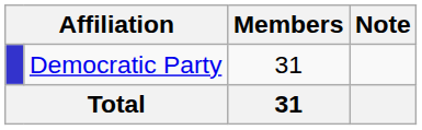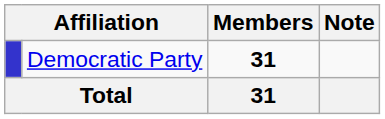 <table class="wikitable">
 <tr>
 <th colspan="2" align="center" valign="bottom">Affiliation</th>
 <th valign="bottom">Members</th>
 <th valign="bottom">Note</th>
 </tr>
 <tr>
 <td bgcolor="#3333CC"> </td>
 <td><a href='#'>Democratic Party</a></td>
-<td align="center">31</td>
+<td align="center"><strong>31</strong></td>
 <td></td>
 </tr>
 <tr>
 <th colspan="2" align="center"><strong>Total</strong></th>
 <th align="center"><strong>31</strong></th>
 <th></th>
 </tr>
 </table>
